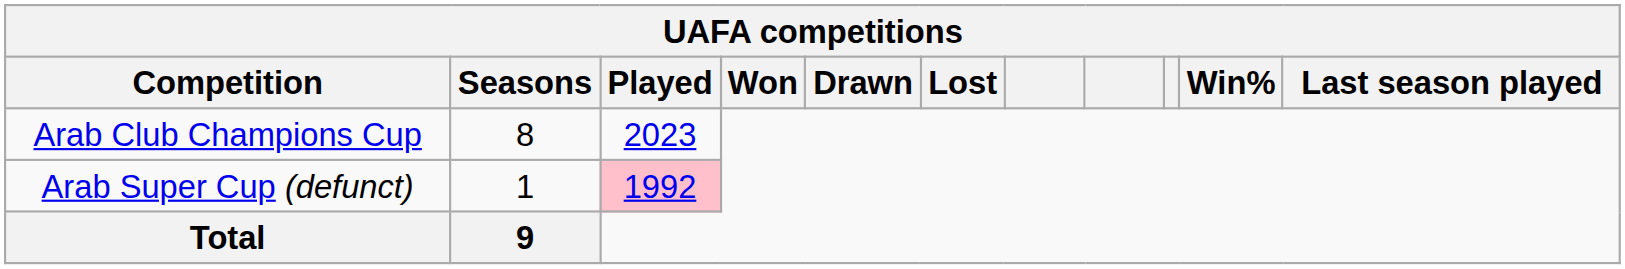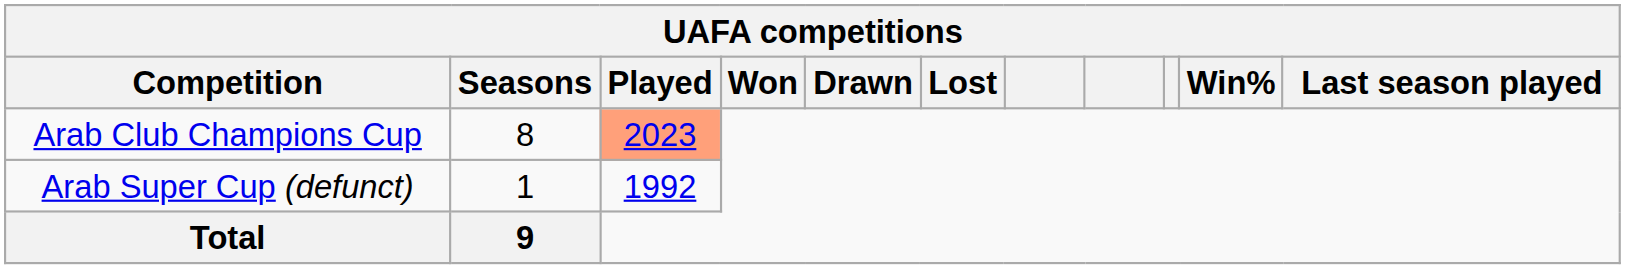 <table class="wikitable sortable" style="font-size:95%; text-align: center;">
 <tr>
 <th colspan="11">UAFA competitions</th>
 </tr>
 <tr>
 <th width="200">Competition</th>
 <th width="30">Seasons</th>
 <th width="30">Played</th>
 <th width="30">Won</th>
 <th width="30">Drawn</th>
 <th width="30">Lost</th>
 <th width="30"></th>
 <th width="30"></th>
 <th></th>
 <th>Win%</th>
 <th width="150">Last season played</th>
 </tr>
 <tr>
 <td><a href='#'>Arab Club Champions Cup</a></td>
 <td>8<br></td>
-<td><a href='#'>2023</a></td>
+<td style="background: lightsalmon;"><a href='#'>2023</a></td>
 </tr>
 <tr>
 <td><a href='#'>Arab Super Cup</a> <em>(defunct)</em></td>
 <td>1<br></td>
-<td style="background: pink;"><a href='#'>1992</a></td>
+<td><a href='#'>1992</a></td>
 </tr>
 <tr bgcolor="#EEEEEE">
 <th>Total</th>
 <th>9<br></th>
 </tr>
 </table>
